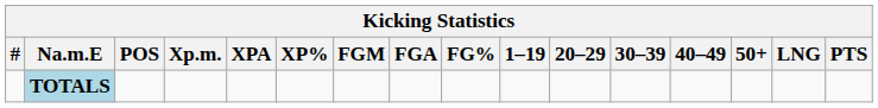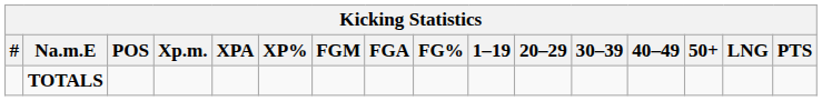 <table class="wikitable sortable collapsible collapsed">
 <tr>
 <th colspan="16">Kicking Statistics</th>
 </tr>
 <tr>
 <th>#</th>
 <th>Na.m.E</th>
 <th>POS</th>
 <th>Xp.m.</th>
 <th>XPA</th>
 <th>XP%</th>
 <th>FGM</th>
 <th>FGA</th>
 <th>FG%</th>
 <th>1–19</th>
 <th>20–29</th>
 <th>30–39</th>
 <th>40–49</th>
 <th>50+</th>
 <th>LNG</th>
 <th>PTS</th>
 </tr>
 <tr>
 <td></td>
-<td style="background: lightblue;"><strong>TOTALS</strong></td>
+<td><strong>TOTALS</strong></td>
 <td></td>
 <td></td>
 <td></td>
 <td></td>
 <td></td>
 <td></td>
 <td></td>
 <td></td>
 <td></td>
 <td></td>
 <td></td>
 <td></td>
 <td></td>
 <td></td>
 </tr>
 </table>
